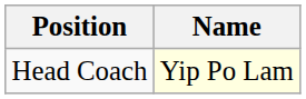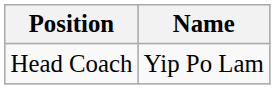 <table class="wikitable">
 <tr>
 <th>Position</th>
 <th>Name</th>
 </tr>
 <tr>
 <td>Head Coach</td>
-<td style="background: lightyellow;"> Yip Po Lam</td>
+<td> Yip Po Lam</td>
 </tr>
 </table>
